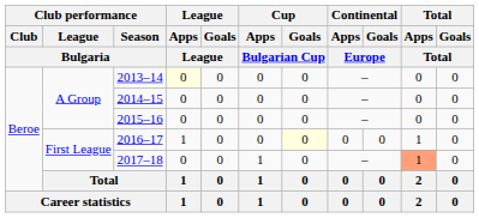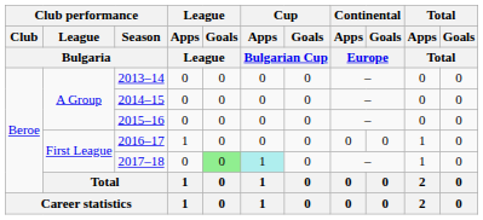 <table class="wikitable" style="text-align: center">
 <tr>
 <th Colspan="3">Club performance</th>
 <th Colspan="2">League</th>
 <th Colspan="2">Cup</th>
 <th Colspan="2">Continental</th>
 <th Colspan="3">Total</th>
 </tr>
 <tr>
 <th>Club</th>
 <th>League</th>
 <th>Season</th>
 <th>Apps</th>
 <th>Goals</th>
 <th>Apps</th>
 <th>Goals</th>
 <th>Apps</th>
 <th>Goals</th>
 <th>Apps</th>
 <th>Goals</th>
 </tr>
 <tr>
 <th Colspan="3">Bulgaria</th>
 <th Colspan="2">League</th>
 <th Colspan="2"><a href='#'>Bulgarian Cup</a></th>
 <th Colspan="2"><a href='#'>Europe</a></th>
 <th Colspan="2">Total</th>
 </tr>
 <tr>
 <td rowspan="6"><a href='#'>Beroe</a></td>
 <td rowspan="3"><a href='#'>A Group</a></td>
 <td><a href='#'>2013–14</a></td>
-<td style="background: lightyellow;">0</td>
+<td>0</td>
 <td>0</td>
 <td>0</td>
 <td>0</td>
 <td colspan="2">–</td>
 <td>0</td>
 <td>0</td>
 </tr>
 <tr>
 <td><a href='#'>2014–15</a></td>
 <td>0</td>
 <td>0</td>
 <td>0</td>
 <td>0</td>
 <td colspan="2">–</td>
 <td>0</td>
 <td>0</td>
 </tr>
 <tr>
 <td><a href='#'>2015–16</a></td>
 <td>0</td>
 <td>0</td>
 <td>0</td>
 <td>0</td>
 <td colspan="2">–</td>
 <td>0</td>
 <td>0</td>
 </tr>
 <tr>
 <td rowspan="2"><a href='#'>First League</a></td>
 <td><a href='#'>2016–17</a></td>
 <td>1</td>
 <td>0</td>
 <td>0</td>
-<td style="background: lightyellow;">0</td>
+<td>0</td>
 <td>0</td>
 <td>0</td>
 <td>1</td>
 <td>0</td>
 </tr>
 <tr>
 <td><a href='#'>2017–18</a></td>
 <td>0</td>
-<td>0</td>
-<td>1</td>
+<td style="background: lightgreen;">0</td>
+<td style="background: paleturquoise;">1</td>
 <td>0</td>
 <td colspan="2">–</td>
-<td style="background: lightsalmon;">1</td>
+<td>1</td>
 <td>0</td>
 </tr>
 <tr>
 <th colspan=2>Total</th>
 <th>1</th>
 <th>0</th>
 <th>1</th>
 <th>0</th>
 <th>0</th>
 <th>0</th>
 <th>2</th>
 <th>0</th>
 </tr>
 <tr>
 <th colspan="3">Career statistics</th>
 <th>1</th>
 <th>0</th>
 <th>1</th>
 <th>0</th>
 <th>0</th>
 <th>0</th>
 <th>2</th>
 <th>0</th>
 </tr>
 </table>
